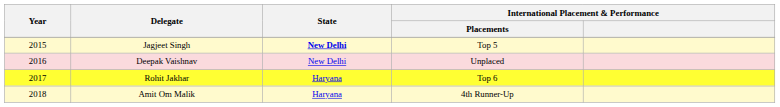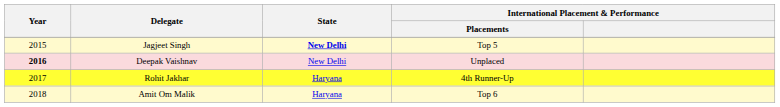 <table class="wikitable" style="text-align:center; line-height:20px; font-size:90%; width:100%;">
 <tr>
 <th rowspan="2"  width=100px>Year</th>
 <th rowspan="2"  width=300px>Delegate</th>
 <th rowspan="2"  width=200px>State</th>
 <th colspan="2"  width=100px>International Placement & Performance</th>
 </tr>
 <tr>
 <th width=300px>Placements</th>
 <th width=300px></th>
 </tr>
 <tr>
 </tr>
 <tr style="background-color:#FFFACD;">
 <td>2015</td>
 <td>Jagjeet Singh</td>
 <td><strong><a href='#'>New Delhi</a></strong></td>
 <td>Top 5</td>
 <td></td>
 </tr>
 <tr style="background:#FADADD;">
-<td>2016</td>
+<td><strong>2016</strong></td>
 <td>Deepak Vaishnav</td>
 <td><a href='#'>New Delhi</a></td>
 <td>Unplaced</td>
 <td style="background:;"></td>
 </tr>
 <tr style="background-color:#FFFF33;">
 <td>2017</td>
 <td>Rohit Jakhar</td>
 <td><a href='#'>Haryana</a></td>
-<td>Top 6</td>
+<td>4th Runner-Up</td>
 <td style="background:;"></td>
 </tr>
 <tr style="background-color:#FFFACD;">
 <td>2018</td>
 <td>Amit Om Malik</td>
 <td><a href='#'>Haryana</a></td>
-<td>4th Runner-Up</td>
+<td>Top 6</td>
 <td></td>
 </tr>
 </table>
